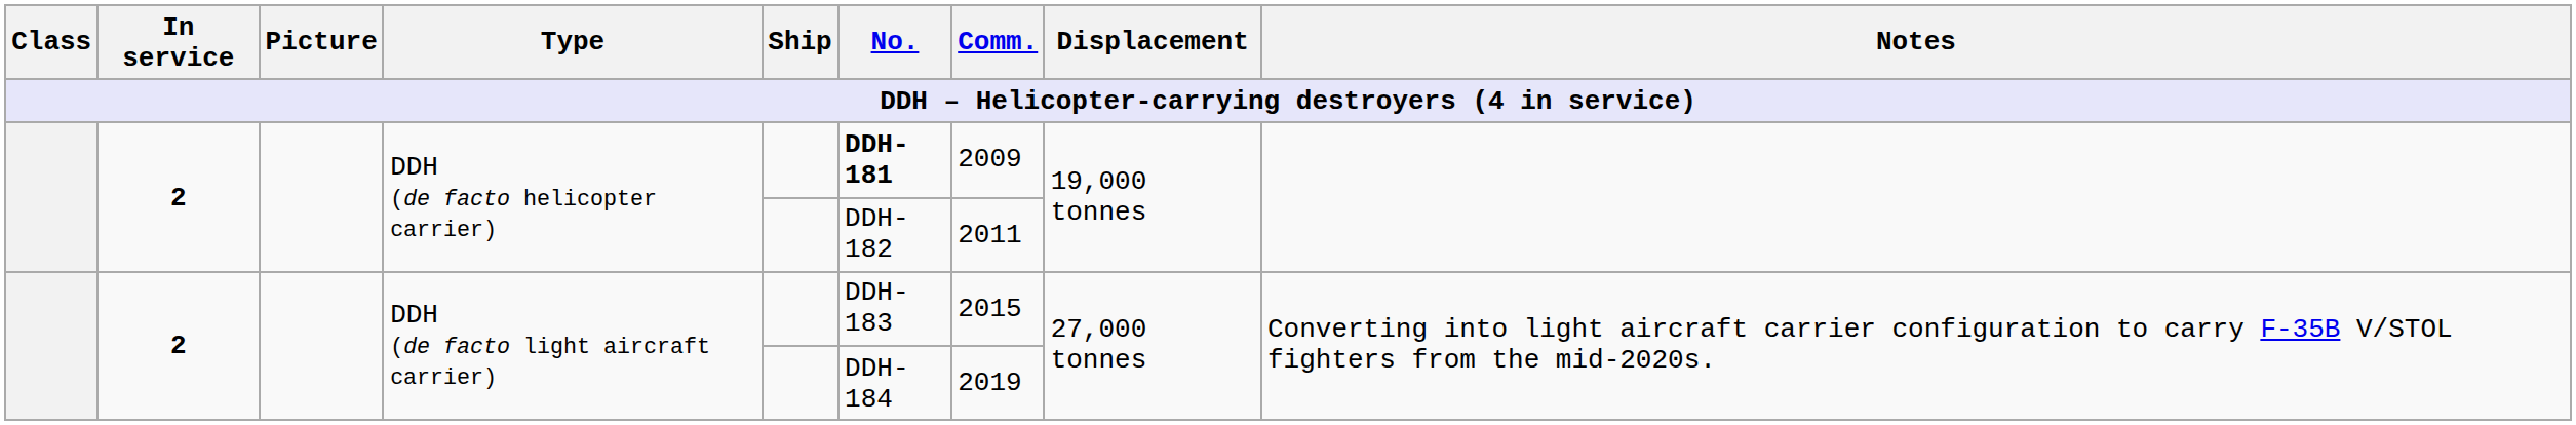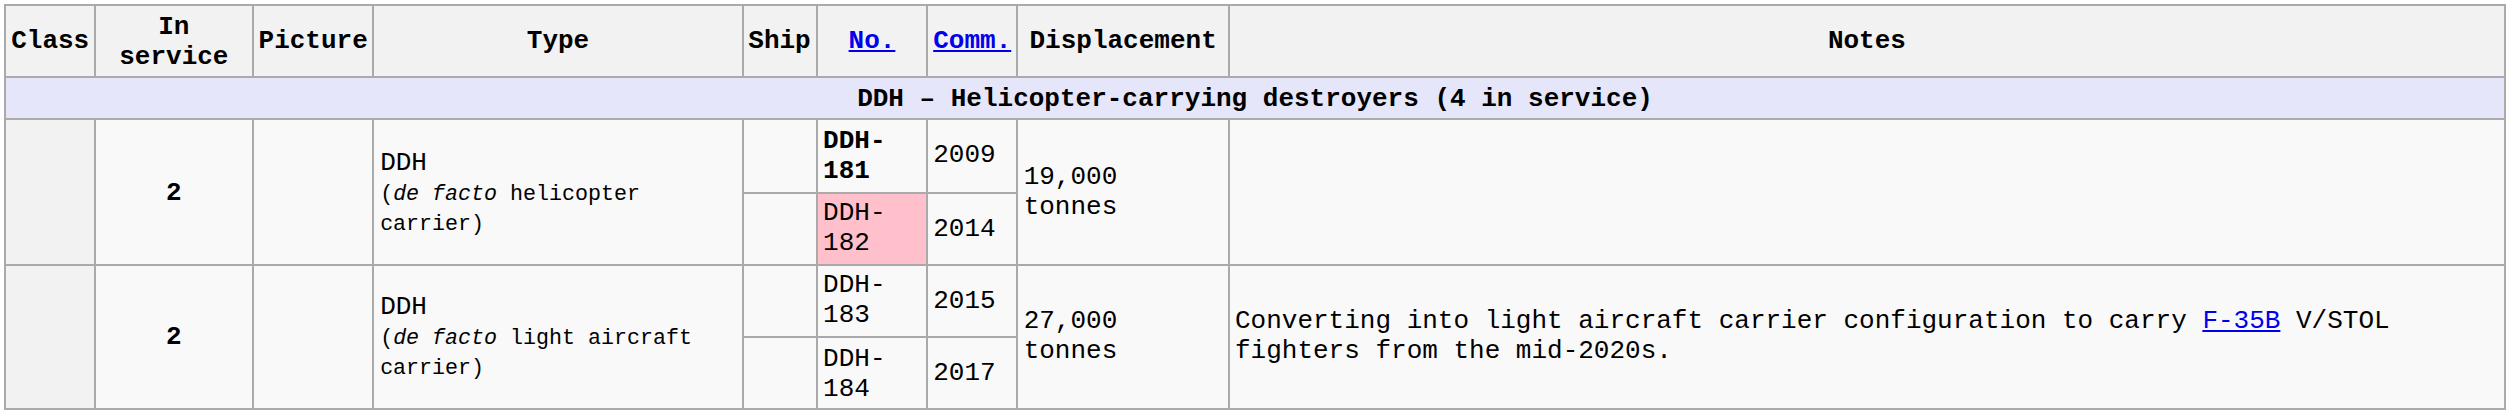 <table class="wikitable">
 <tr>
 <th>Class</th>
 <th>In service</th>
 <th>Picture</th>
 <th>Type</th>
 <th>Ship</th>
 <th><a href='#'>No.</a></th>
 <th><a href='#'>Comm.</a></th>
 <th>Displacement</th>
 <th>Notes</th>
 </tr>
 <tr>
 <th colspan="9" style="background: lavender;">DDH – Helicopter-carrying destroyers (4 in service)</th>
 </tr>
 <tr>
 <th rowspan="2" style="text-align: left;"></th>
 <td rowspan="2" style="text-align: center;"><strong>2</strong></td>
 <td rowspan="2"></td>
 <td rowspan="2">DDH<br><small>(<em>de facto</em> helicopter carrier)</small></td>
 <td></td>
 <td><strong>DDH-181</strong></td>
 <td>2009</td>
 <td rowspan="2">19,000 tonnes</td>
 <td rowspan="2"></td>
 </tr>
 <tr>
 <td></td>
-<td>DDH-182</td>
-<td>2011</td>
+<td style="background: pink;">DDH-182</td>
+<td>2014</td>
 </tr>
 <tr>
 <th rowspan="2" style="text-align: left;"></th>
 <td rowspan="2" style="text-align: center;"><strong>2</strong></td>
 <td rowspan="2"></td>
 <td rowspan="2">DDH<br><small>(<em>de facto</em> light aircraft carrier)</small></td>
 <td></td>
 <td>DDH-183</td>
 <td>2015</td>
 <td rowspan="2">27,000 tonnes</td>
 <td rowspan="2">Converting into light aircraft carrier configuration to carry <a href='#'>F-35B</a> V/STOL fighters from the mid-2020s.</td>
 </tr>
 <tr>
 <td></td>
 <td>DDH-184</td>
-<td>2019</td>
+<td>2017</td>
 </tr>
 </table>
